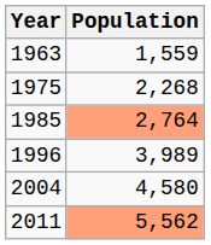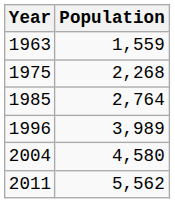 <table class="wikitable" style="line-height:1.1em;">
 <tr>
 <th>Year</th>
 <th>Population</th>
 </tr>
 <tr align="right">
 <td>1963</td>
 <td>1,559</td>
 </tr>
 <tr align="right">
 <td>1975</td>
 <td>2,268</td>
 </tr>
 <tr align="right">
 <td>1985</td>
-<td style="background: lightsalmon;">2,764</td>
+<td>2,764</td>
 </tr>
 <tr align="right">
 <td>1996</td>
 <td>3,989</td>
 </tr>
 <tr align="right">
 <td>2004</td>
 <td>4,580</td>
 </tr>
 <tr align="right">
 <td>2011</td>
-<td style="background: lightsalmon;">5,562</td>
+<td>5,562</td>
 </tr>
 </table>
